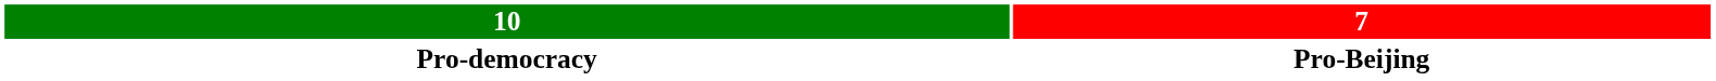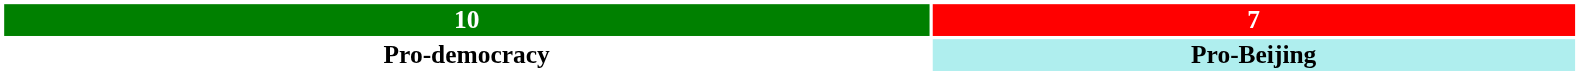 <table style="width:50%; text-align:center;">
 <tr style="color:white;">
 <td style="background:green; width:59%;"><strong>10</strong></td>
 <td style="background:red; width:41%;"><strong>7</strong></td>
 </tr>
 <tr>
 <td><span><strong>Pro-democracy</strong></span></td>
-<td><span><strong>Pro-Beijing</strong></span></td>
+<td style="background: paleturquoise;"><span><strong>Pro-Beijing</strong></span></td>
 </tr>
 </table>
